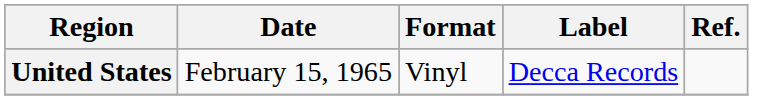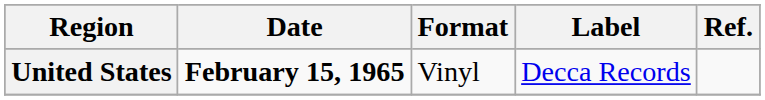 <table class="wikitable plainrowheaders">
 <tr>
 <th scope="col">Region</th>
 <th scope="col">Date</th>
 <th scope="col">Format</th>
 <th scope="col">Label</th>
 <th scope="col">Ref.</th>
 </tr>
 <tr>
 <th scope="row">United States</th>
-<td>February 15, 1965</td>
+<td><strong>February 15, 1965</strong></td>
 <td>Vinyl</td>
 <td><a href='#'>Decca Records</a></td>
 <td></td>
 </tr>
 <tr>
 </tr>
 </table>
